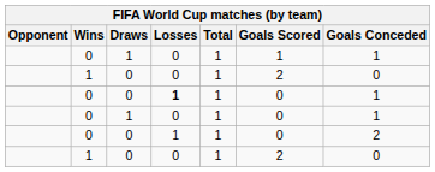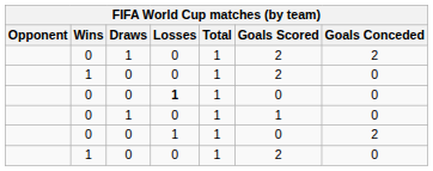 <table class="wikitable sortable" style="text-align: center;">
 <tr>
 <th colspan=7>FIFA World Cup matches (by team)</th>
 </tr>
 <tr>
 <th>Opponent</th>
 <th>Wins</th>
 <th>Draws</th>
 <th>Losses</th>
 <th>Total</th>
 <th>Goals Scored</th>
 <th>Goals Conceded</th>
 </tr>
 <tr>
 <td align="left"></td>
 <td>0</td>
 <td>1</td>
 <td>0</td>
 <td>1</td>
-<td>1</td>
-<td>1</td>
+<td>2</td>
+<td>2</td>
 </tr>
 <tr>
 <td align="left"></td>
 <td>1</td>
 <td>0</td>
 <td>0</td>
 <td>1</td>
 <td>2</td>
 <td>0</td>
 </tr>
 <tr>
 <td align="left"></td>
 <td>0</td>
 <td>0</td>
 <td><strong>1</strong></td>
 <td>1</td>
 <td>0</td>
-<td>1</td>
+<td>0</td>
 </tr>
 <tr>
 <td align="left"></td>
 <td>0</td>
 <td>1</td>
 <td>0</td>
 <td>1</td>
+<td>1</td>
 <td>0</td>
-<td>1</td>
 </tr>
 <tr>
 <td align="left"></td>
 <td>0</td>
 <td>0</td>
 <td>1</td>
 <td>1</td>
 <td>0</td>
 <td>2</td>
 </tr>
 <tr>
 <td align="left"></td>
 <td>1</td>
 <td>0</td>
 <td>0</td>
 <td>1</td>
 <td>2</td>
 <td>0</td>
 </tr>
 </table>
